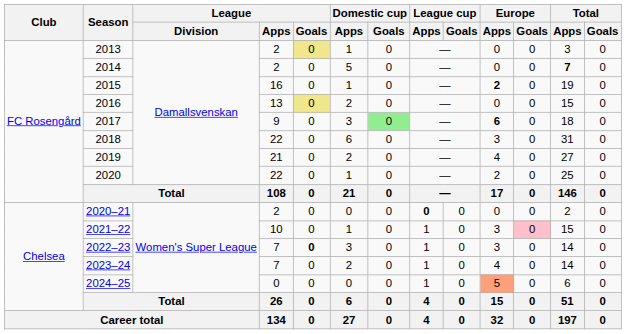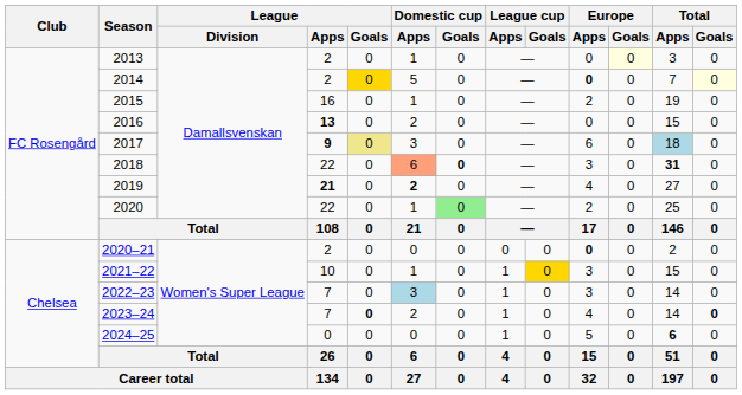 <table class="wikitable" style="text-align:center">
 <tr>
 <th rowspan="2">Club</th>
 <th rowspan="2">Season</th>
 <th colspan="3">League</th>
 <th colspan="2">Domestic cup</th>
 <th colspan="2">League cup</th>
 <th colspan="2">Europe</th>
 <th colspan="2">Total</th>
 </tr>
 <tr>
 <th>Division</th>
 <th>Apps</th>
 <th>Goals</th>
 <th>Apps</th>
 <th>Goals</th>
 <th>Apps</th>
 <th>Goals</th>
 <th>Apps</th>
 <th>Goals</th>
 <th>Apps</th>
 <th>Goals</th>
 </tr>
 <tr>
 <td rowspan="9"><a href='#'>FC Rosengård</a></td>
 <td>2013</td>
 <td rowspan="8"><a href='#'>Damallsvenskan</a></td>
 <td>2</td>
-<td style="background: khaki;">0</td>
+<td>0</td>
 <td>1</td>
 <td>0</td>
 <td colspan="2">—</td>
 <td>0</td>
-<td>0</td>
+<td style="background: lightyellow;">0</td>
 <td>3</td>
 <td>0</td>
 </tr>
 <tr>
 <td>2014</td>
 <td>2</td>
-<td>0</td>
+<td style="background: gold;">0</td>
 <td>5</td>
 <td>0</td>
 <td colspan="2">—</td>
+<td><strong>0</strong></td>
 <td>0</td>
-<td>0</td>
-<td><strong>7</strong></td>
-<td>0</td>
+<td>7</td>
+<td style="background: lightyellow;">0</td>
 </tr>
 <tr>
 <td>2015</td>
 <td>16</td>
 <td>0</td>
 <td>1</td>
 <td>0</td>
 <td colspan="2">—</td>
-<td><strong>2</strong></td>
+<td>2</td>
 <td>0</td>
 <td>19</td>
 <td>0</td>
 </tr>
 <tr>
 <td>2016</td>
-<td>13</td>
-<td style="background: khaki;">0</td>
+<td><strong>13</strong></td>
+<td>0</td>
 <td>2</td>
 <td>0</td>
 <td colspan="2">—</td>
 <td>0</td>
 <td>0</td>
 <td>15</td>
 <td>0</td>
 </tr>
 <tr>
 <td>2017</td>
-<td>9</td>
+<td><strong>9</strong></td>
+<td style="background: khaki;">0</td>
+<td>3</td>
 <td>0</td>
-<td>3</td>
-<td style="background: lightgreen;">0</td>
 <td colspan="2">—</td>
-<td><strong>6</strong></td>
+<td>6</td>
 <td>0</td>
-<td>18</td>
+<td style="background: lightblue;">18</td>
 <td>0</td>
 </tr>
 <tr>
 <td>2018</td>
 <td>22</td>
 <td>0</td>
-<td>6</td>
-<td>0</td>
+<td style="background: lightsalmon;">6</td>
+<td><strong>0</strong></td>
 <td colspan="2">—</td>
 <td>3</td>
 <td>0</td>
-<td>31</td>
+<td><strong>31</strong></td>
 <td>0</td>
 </tr>
 <tr>
 <td>2019</td>
-<td>21</td>
+<td><strong>21</strong></td>
 <td>0</td>
-<td>2</td>
+<td><strong>2</strong></td>
 <td>0</td>
 <td colspan="2">—</td>
 <td>4</td>
 <td>0</td>
 <td>27</td>
 <td>0</td>
 </tr>
 <tr>
 <td>2020</td>
 <td>22</td>
 <td>0</td>
 <td>1</td>
-<td>0</td>
+<td style="background: lightgreen;">0</td>
 <td colspan="2">—</td>
 <td>2</td>
 <td>0</td>
 <td>25</td>
 <td>0</td>
 </tr>
 <tr>
 <th colspan="2">Total</th>
 <th>108</th>
 <th>0</th>
 <th>21</th>
 <th>0</th>
 <th colspan="2">—</th>
 <th>17</th>
 <th>0</th>
 <th>146</th>
 <th>0</th>
 </tr>
 <tr>
 <td rowspan="6"><a href='#'>Chelsea</a></td>
 <td><a href='#'>2020–21</a></td>
 <td rowspan="5"><a href='#'>Women's Super League</a></td>
 <td>2</td>
 <td>0</td>
 <td>0</td>
 <td>0</td>
-<td><strong>0</strong></td>
 <td>0</td>
 <td>0</td>
+<td><strong>0</strong></td>
 <td>0</td>
 <td>2</td>
 <td>0</td>
 </tr>
 <tr>
 <td><a href='#'>2021–22</a></td>
 <td>10</td>
 <td>0</td>
 <td>1</td>
 <td>0</td>
 <td>1</td>
+<td style="background: gold;">0</td>
+<td>3</td>
 <td>0</td>
-<td>3</td>
-<td style="background: pink;">0</td>
 <td>15</td>
 <td>0</td>
 </tr>
 <tr>
 <td><a href='#'>2022–23</a></td>
 <td>7</td>
-<td><strong>0</strong></td>
-<td>3</td>
+<td>0</td>
+<td style="background: lightblue;">3</td>
 <td>0</td>
 <td>1</td>
 <td>0</td>
 <td>3</td>
 <td>0</td>
 <td>14</td>
 <td>0</td>
 </tr>
 <tr>
 <td><a href='#'>2023–24</a></td>
 <td>7</td>
-<td>0</td>
+<td><strong>0</strong></td>
 <td>2</td>
 <td>0</td>
 <td>1</td>
 <td>0</td>
 <td>4</td>
 <td>0</td>
 <td>14</td>
-<td>0</td>
+<td><strong>0</strong></td>
 </tr>
 <tr>
 <td><a href='#'>2024–25</a></td>
 <td>0</td>
 <td>0</td>
 <td>0</td>
 <td>0</td>
 <td>1</td>
 <td>0</td>
-<td style="background: lightsalmon;">5</td>
+<td>5</td>
 <td>0</td>
-<td>6</td>
+<td><strong>6</strong></td>
 <td>0</td>
 </tr>
 <tr>
 <th colspan="2">Total</th>
 <th>26</th>
 <th>0</th>
 <th>6</th>
 <th>0</th>
 <th>4</th>
 <th>0</th>
 <th>15</th>
 <th>0</th>
 <th>51</th>
 <th>0</th>
 </tr>
 <tr>
 <th colspan="3">Career total</th>
 <th>134</th>
 <th>0</th>
 <th>27</th>
 <th>0</th>
 <th>4</th>
 <th>0</th>
 <th>32</th>
 <th>0</th>
 <th>197</th>
 <th>0</th>
 </tr>
 </table>
